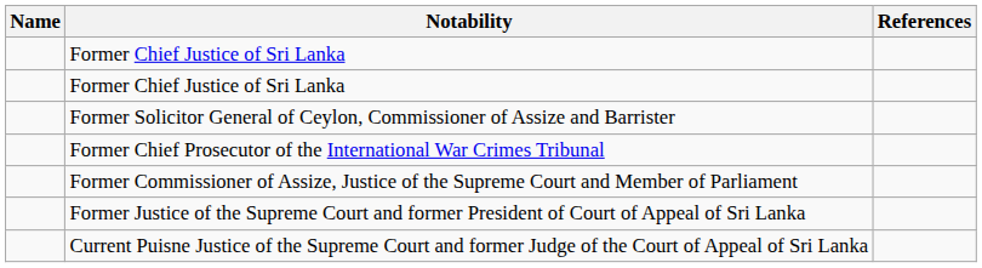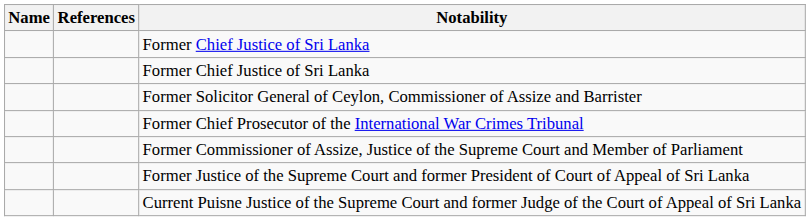 <table class="wikitable sortable">
 <tr>
 <th>Name</th>
+<th>References</th>
 <th>Notability</th>
-<th>References</th>
 </tr>
 <tr>
 <td></td>
+<td></td>
 <td>Former <a href='#'>Chief Justice of Sri Lanka</a></td>
-<td></td>
 </tr>
 <tr>
 <td></td>
+<td></td>
 <td>Former Chief Justice of Sri Lanka</td>
-<td></td>
 </tr>
 <tr>
 <td></td>
+<td></td>
 <td>Former Solicitor General of Ceylon, Commissioner of Assize and Barrister</td>
-<td></td>
 </tr>
 <tr>
 <td></td>
+<td></td>
 <td>Former Chief Prosecutor of the <a href='#'>International War Crimes Tribunal</a></td>
-<td></td>
 </tr>
 <tr>
 <td></td>
+<td></td>
 <td>Former Commissioner of Assize, Justice of the Supreme Court and Member of Parliament</td>
-<td></td>
 </tr>
 <tr>
 <td></td>
+<td></td>
 <td>Former Justice of the Supreme Court and former President of Court of Appeal of Sri Lanka</td>
-<td></td>
 </tr>
 <tr>
 <td></td>
+<td></td>
 <td>Current Puisne Justice of the Supreme Court and former Judge of the Court of Appeal of Sri Lanka</td>
-<td></td>
 </tr>
 </table>
